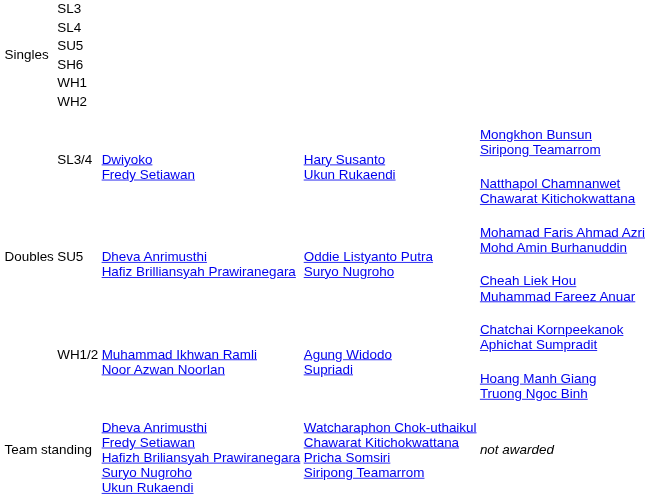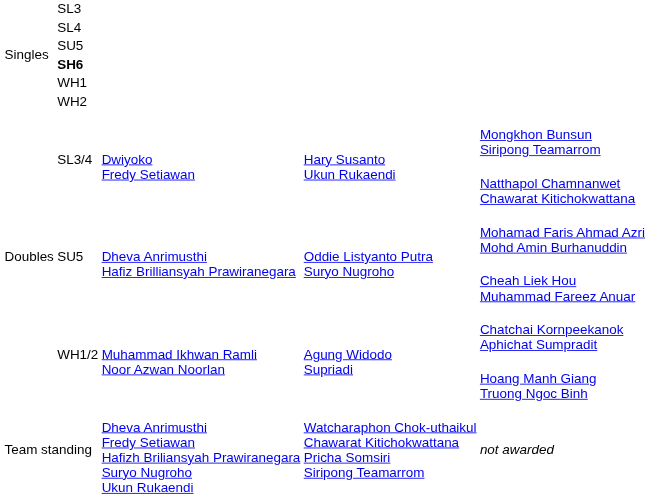 <table>
 <tr>
 <td rowspan="11">Singles</td>
 <td rowspan="2">SL3</td>
 <td rowspan="2"></td>
 <td rowspan="2"></td>
 <td></td>
 </tr>
 <tr>
 <td></td>
 </tr>
 <tr>
 <td rowspan="2">SL4</td>
 <td rowspan="2"></td>
 <td rowspan="2"></td>
 <td></td>
 </tr>
 <tr>
 <td></td>
 </tr>
 <tr>
 <td rowspan="2">SU5</td>
 <td rowspan="2"></td>
 <td rowspan="2"></td>
 <td></td>
 </tr>
 <tr>
 <td></td>
 </tr>
 <tr>
-<td>SH6</td>
+<td><strong>SH6</strong></td>
 <td></td>
 <td></td>
 <td></td>
 </tr>
 <tr>
 <td rowspan="2">WH1</td>
 <td rowspan="2"></td>
 <td rowspan="2"></td>
 <td></td>
 </tr>
 <tr>
 <td></td>
 </tr>
 <tr>
 <td rowspan="2">WH2</td>
 <td rowspan="2"></td>
 <td rowspan="2"></td>
 <td></td>
 </tr>
 <tr>
 <td></td>
 </tr>
 <tr>
 <td rowspan="6">Doubles</td>
 <td rowspan="2">SL3/4</td>
 <td rowspan="2"><br><a href='#'>Dwiyoko</a><br><a href='#'>Fredy Setiawan</a></td>
 <td rowspan="2"><br><a href='#'>Hary Susanto</a><br><a href='#'>Ukun Rukaendi</a></td>
 <td><br><a href='#'>Mongkhon Bunsun</a><br><a href='#'>Siripong Teamarrom</a></td>
 </tr>
 <tr>
 <td><br><a href='#'>Natthapol Chamnanwet</a><br><a href='#'>Chawarat Kitichokwattana</a></td>
 </tr>
 <tr>
 <td rowspan="2">SU5</td>
 <td rowspan="2"><br><a href='#'>Dheva Anrimusthi</a><br><a href='#'>Hafiz Brilliansyah Prawiranegara</a></td>
 <td rowspan="2"><br><a href='#'>Oddie Listyanto Putra</a><br><a href='#'>Suryo Nugroho</a></td>
 <td><br><a href='#'>Mohamad Faris Ahmad Azri</a><br><a href='#'>Mohd Amin Burhanuddin</a></td>
 </tr>
 <tr>
 <td><br><a href='#'>Cheah Liek Hou</a><br><a href='#'>Muhammad Fareez Anuar</a></td>
 </tr>
 <tr>
 <td rowspan="2">WH1/2</td>
 <td rowspan="2"><br><a href='#'>Muhammad Ikhwan Ramli</a><br><a href='#'>Noor Azwan Noorlan</a></td>
 <td rowspan="2"><br><a href='#'>Agung Widodo</a><br><a href='#'>Supriadi</a></td>
 <td><br><a href='#'>Chatchai Kornpeekanok</a><br><a href='#'>Aphichat Sumpradit</a></td>
 </tr>
 <tr>
 <td><br><a href='#'>Hoang Manh Giang</a><br><a href='#'>Truong Ngoc Binh</a></td>
 </tr>
 <tr>
 <td colspan="2">Team standing</td>
 <td nowrap><br><a href='#'>Dheva Anrimusthi</a><br><a href='#'>Fredy Setiawan</a><br><a href='#'>Hafizh Briliansyah Prawiranegara</a><br><a href='#'>Suryo Nugroho</a><br><a href='#'>Ukun Rukaendi</a></td>
 <td nowrap valign="top"><br><a href='#'>Watcharaphon Chok-uthaikul</a><br><a href='#'>Chawarat Kitichokwattana</a><br><a href='#'>Pricha Somsiri</a><br><a href='#'>Siripong Teamarrom</a></td>
 <td><em>not awarded</em></td>
 </tr>
 </table>
